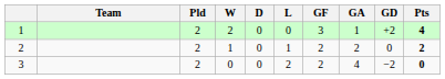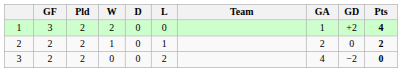 <table class="wikitable" style="text-align: center;">
 <tr>
 <th style="width: 40px;"></th>
-<th style="width: 200px;">Team</th>
+<th style="width: 45px;">GF</th>
 <th style="width: 45px;">Pld</th>
 <th style="width: 35px;">W</th>
 <th style="width: 35px;">D</th>
 <th style="width: 35px;">L</th>
-<th style="width: 45px;">GF</th>
+<th style="width: 200px;">Team</th>
 <th style="width: 45px;">GA</th>
 <th style="width: 35px;">GD</th>
 <th style="width: 45px;">Pts</th>
 </tr>
 <tr style="background:#cfc;">
 <td>1</td>
-<td style="text-align: left;"></td>
+<td>3</td>
 <td>2</td>
 <td>2</td>
 <td>0</td>
 <td>0</td>
-<td>3</td>
+<td style="text-align: left;"></td>
 <td>1</td>
 <td>+2</td>
 <td><strong>4</strong></td>
 </tr>
 <tr>
 <td>2</td>
-<td style="text-align: left;"></td>
+<td>2</td>
 <td>2</td>
 <td>1</td>
 <td>0</td>
 <td>1</td>
-<td>2</td>
+<td style="text-align: left;"></td>
 <td>2</td>
 <td>0</td>
 <td><strong>2</strong></td>
 </tr>
 <tr>
 <td>3</td>
-<td style="text-align: left;"></td>
+<td>2</td>
 <td>2</td>
 <td>0</td>
 <td>0</td>
 <td>2</td>
-<td>2</td>
+<td style="text-align: left;"></td>
 <td>4</td>
 <td>−2</td>
 <td><strong>0</strong></td>
 </tr>
 </table>
